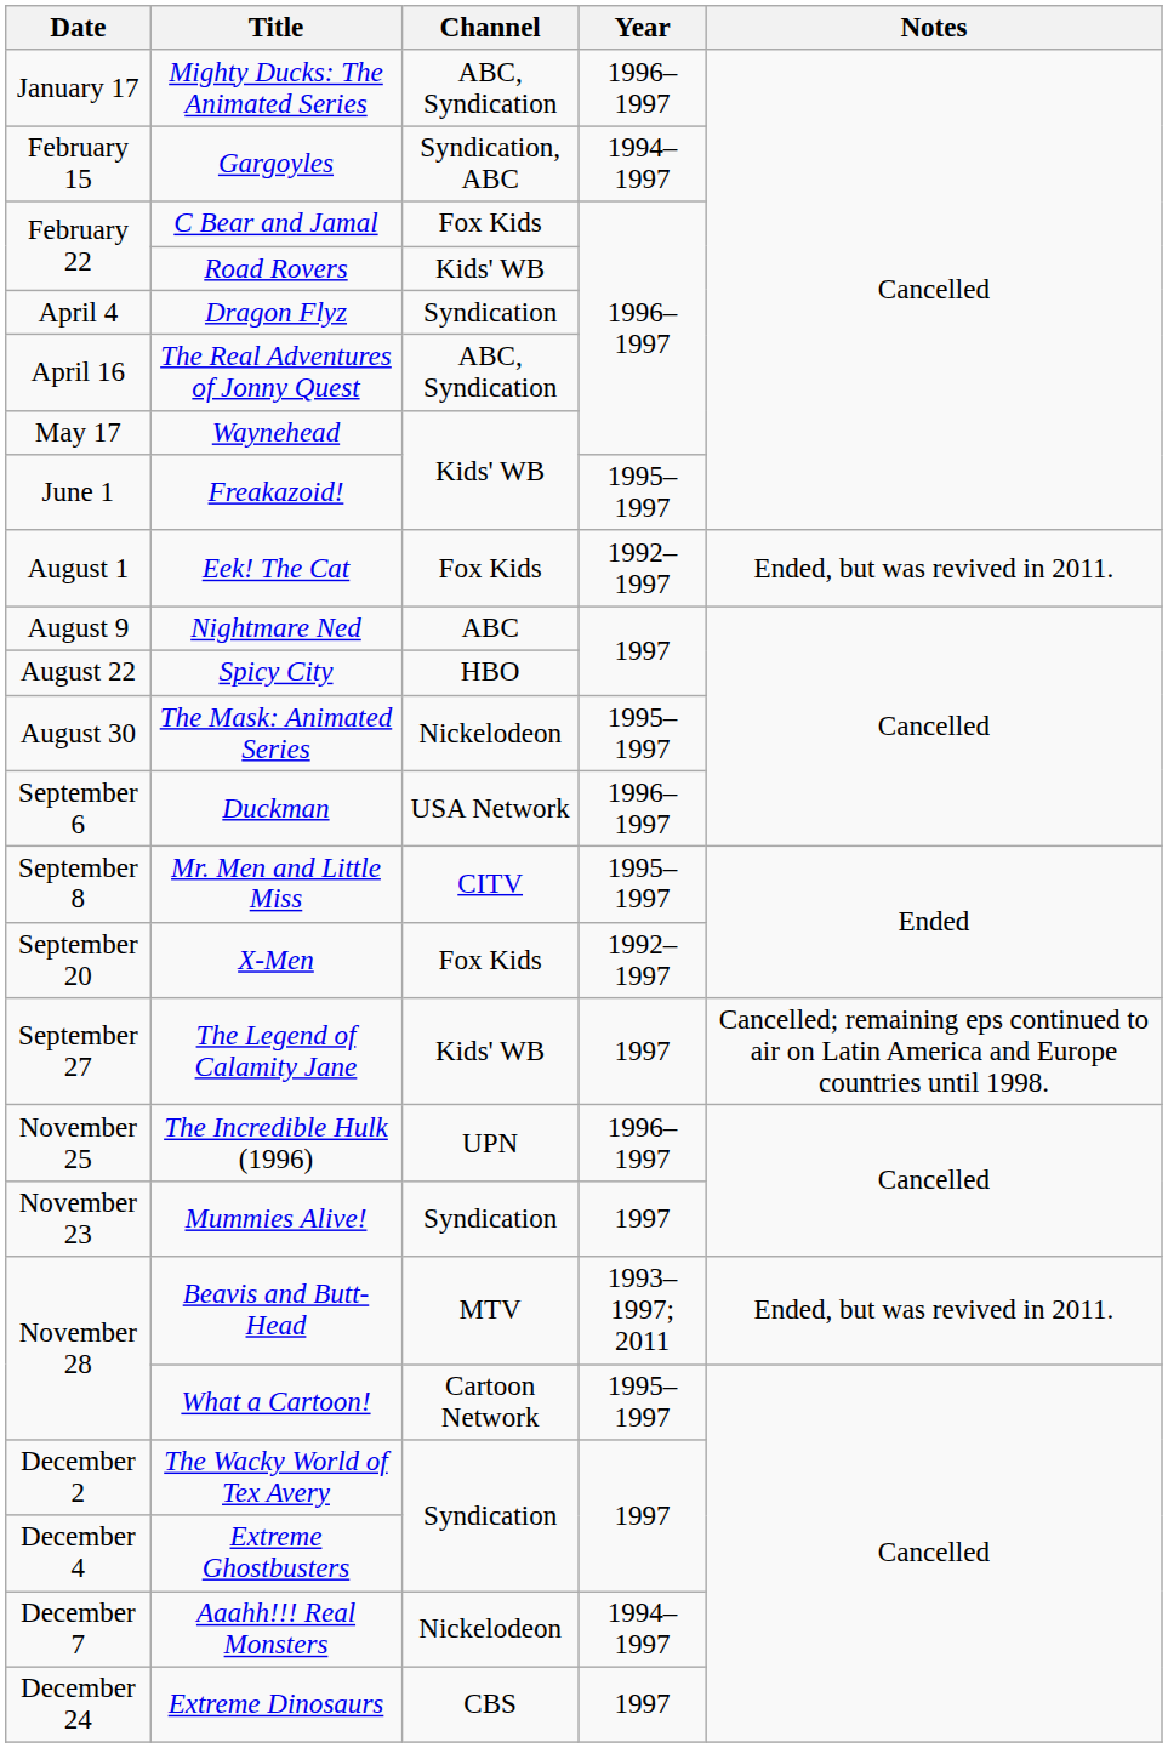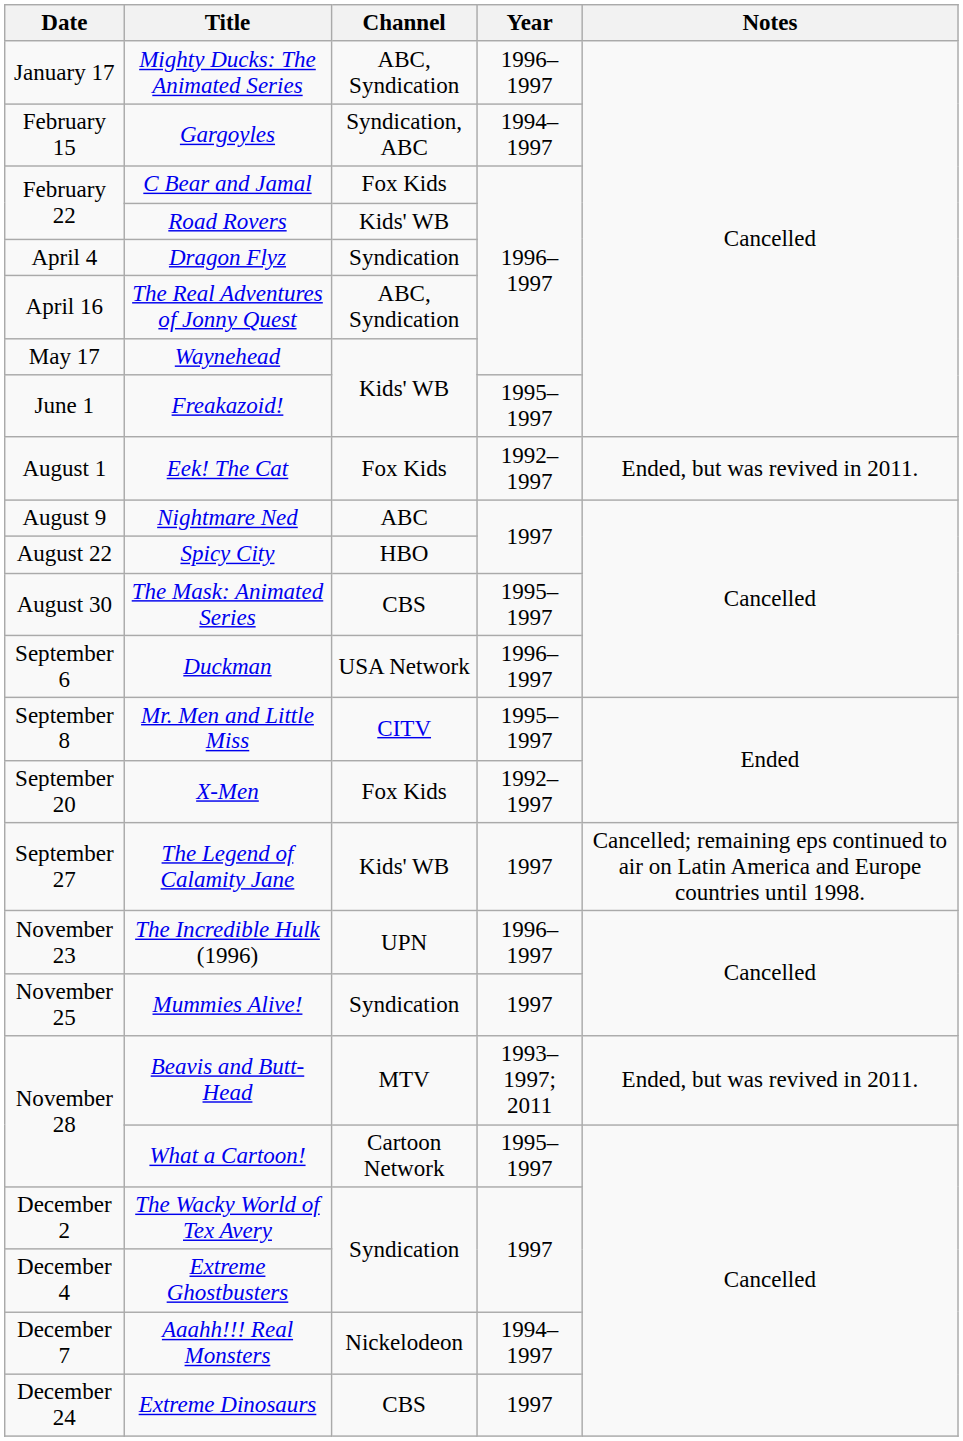 <table class="wikitable sortable" style="text-align: center" width="75%">
 <tr>
 <th scope="col">Date</th>
 <th scope="col">Title</th>
 <th scope="col">Channel</th>
 <th scope="col">Year</th>
 <th scope="col">Notes</th>
 </tr>
 <tr>
 <td>January 17</td>
 <td><em><a href='#'>Mighty Ducks: The Animated Series</a></em></td>
 <td>ABC, Syndication</td>
 <td>1996–1997</td>
 <td rowspan=8>Cancelled</td>
 </tr>
 <tr>
 <td>February 15</td>
 <td><em><a href='#'>Gargoyles</a></em></td>
 <td>Syndication, ABC</td>
 <td>1994–1997</td>
 </tr>
 <tr>
 <td rowspan=2>February 22</td>
 <td><em><a href='#'>C Bear and Jamal</a></em></td>
 <td>Fox Kids</td>
 <td rowspan=5>1996–1997</td>
 </tr>
 <tr>
 <td><em><a href='#'>Road Rovers</a></em></td>
 <td>Kids' WB</td>
 </tr>
 <tr>
 <td>April 4</td>
 <td><em><a href='#'>Dragon Flyz</a></em></td>
 <td>Syndication</td>
 </tr>
 <tr>
 <td>April 16</td>
 <td><em><a href='#'>The Real Adventures of Jonny Quest</a></em></td>
 <td>ABC, Syndication</td>
 </tr>
 <tr>
 <td>May 17</td>
 <td><em><a href='#'>Waynehead</a></em></td>
 <td rowspan=2>Kids' WB</td>
 </tr>
 <tr>
 <td>June 1</td>
 <td><em><a href='#'>Freakazoid!</a></em></td>
 <td>1995–1997</td>
 </tr>
 <tr>
 <td>August 1</td>
 <td><em><a href='#'>Eek! The Cat</a></em></td>
 <td>Fox Kids</td>
 <td>1992–1997</td>
 <td>Ended, but was revived in 2011.</td>
 </tr>
 <tr>
 <td>August 9</td>
 <td><em><a href='#'>Nightmare Ned</a></em></td>
 <td>ABC</td>
 <td rowspan=2>1997</td>
 <td rowspan=4>Cancelled</td>
 </tr>
 <tr>
 <td>August 22</td>
 <td><em><a href='#'>Spicy City</a></em></td>
 <td>HBO</td>
 </tr>
 <tr>
 <td>August 30</td>
 <td><em><a href='#'>The Mask: Animated Series</a></em></td>
-<td>Nickelodeon</td>
+<td>CBS</td>
 <td>1995–1997</td>
 </tr>
 <tr>
 <td>September 6</td>
 <td><em><a href='#'>Duckman</a></em></td>
 <td>USA Network</td>
 <td>1996–1997</td>
 </tr>
 <tr>
 <td>September 8</td>
 <td><em><a href='#'>Mr. Men and Little Miss</a></em></td>
 <td><a href='#'>CITV</a></td>
 <td>1995–1997</td>
 <td rowspan=2>Ended</td>
 </tr>
 <tr>
 <td>September 20</td>
 <td><em><a href='#'>X-Men</a></em></td>
 <td>Fox Kids</td>
 <td>1992–1997</td>
 </tr>
 <tr>
 <td>September 27</td>
 <td><em><a href='#'>The Legend of Calamity Jane</a></em></td>
 <td>Kids' WB</td>
 <td>1997</td>
 <td>Cancelled; remaining eps continued to air on Latin America and Europe countries until 1998.</td>
 </tr>
 <tr>
-<td>November 25</td>
+<td>November 23</td>
 <td><em><a href='#'>The Incredible Hulk</a></em> (1996)</td>
 <td>UPN</td>
 <td>1996–1997</td>
 <td rowspan=2>Cancelled</td>
 </tr>
 <tr>
-<td>November 23</td>
+<td>November 25</td>
 <td><em><a href='#'>Mummies Alive!</a></em></td>
 <td>Syndication</td>
 <td>1997</td>
 </tr>
 <tr>
 <td rowspan=2>November 28</td>
 <td><em><a href='#'>Beavis and Butt-Head</a></em></td>
 <td>MTV</td>
 <td>1993–1997; 2011</td>
 <td>Ended, but was revived in 2011.</td>
 </tr>
 <tr>
 <td><em><a href='#'>What a Cartoon!</a></em></td>
 <td>Cartoon Network</td>
 <td>1995–1997</td>
 <td rowspan=5>Cancelled</td>
 </tr>
 <tr>
 <td>December 2</td>
 <td><em><a href='#'>The Wacky World of Tex Avery</a></em></td>
 <td rowspan=2>Syndication</td>
 <td rowspan=2>1997</td>
 </tr>
 <tr>
 <td>December 4</td>
 <td><em><a href='#'>Extreme Ghostbusters</a></em></td>
 </tr>
 <tr>
 <td>December 7</td>
 <td><em><a href='#'>Aaahh!!! Real Monsters</a></em></td>
 <td>Nickelodeon</td>
 <td>1994–1997</td>
 </tr>
 <tr>
 <td>December 24</td>
 <td><em><a href='#'>Extreme Dinosaurs</a></em></td>
 <td>CBS</td>
 <td>1997</td>
 </tr>
 </table>
